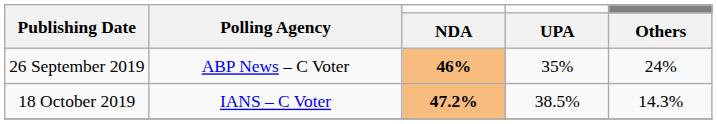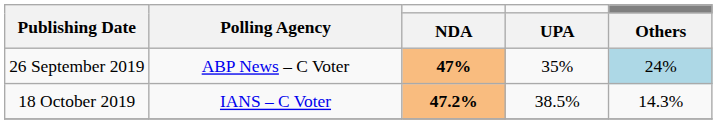 <table class="wikitable sortable" style="text-align:center;font-size:80%;line-height:20px;">
 <tr>
 <th class="wikitable" rowspan="2" style="width:100px;">Publishing Date</th>
 <th rowspan="2" class="wikitable" style="width:180px;">Polling Agency</th>
 <td style="color:inherit;background:"></td>
 <td style="color:inherit;background:"></td>
 <td style="color:inherit;background:gray;"></td>
 </tr>
 <tr>
 <th class="wikitable" style="width:70px;">NDA</th>
 <th class="wikitable" style="width:70px;">UPA</th>
 <th class="wikitable" style="width:70px;">Others</th>
 </tr>
 <tr>
 <td>26 September 2019</td>
 <td><a href='#'>ABP News</a> – C Voter</td>
-<td style="background:#F9BC7F"><strong>46%</strong></td>
+<td style="background:#F9BC7F"><strong>47%</strong></td>
 <td>35%</td>
-<td>24%</td>
+<td style="background: lightblue;">24%</td>
 </tr>
 <tr>
 <td>18 October 2019</td>
 <td><a href='#'>IANS – C Voter</a></td>
 <td style="background:#F9BC7F"><strong>47.2%</strong></td>
 <td>38.5%</td>
 <td>14.3%</td>
 </tr>
 <tr>
 </tr>
 </table>
